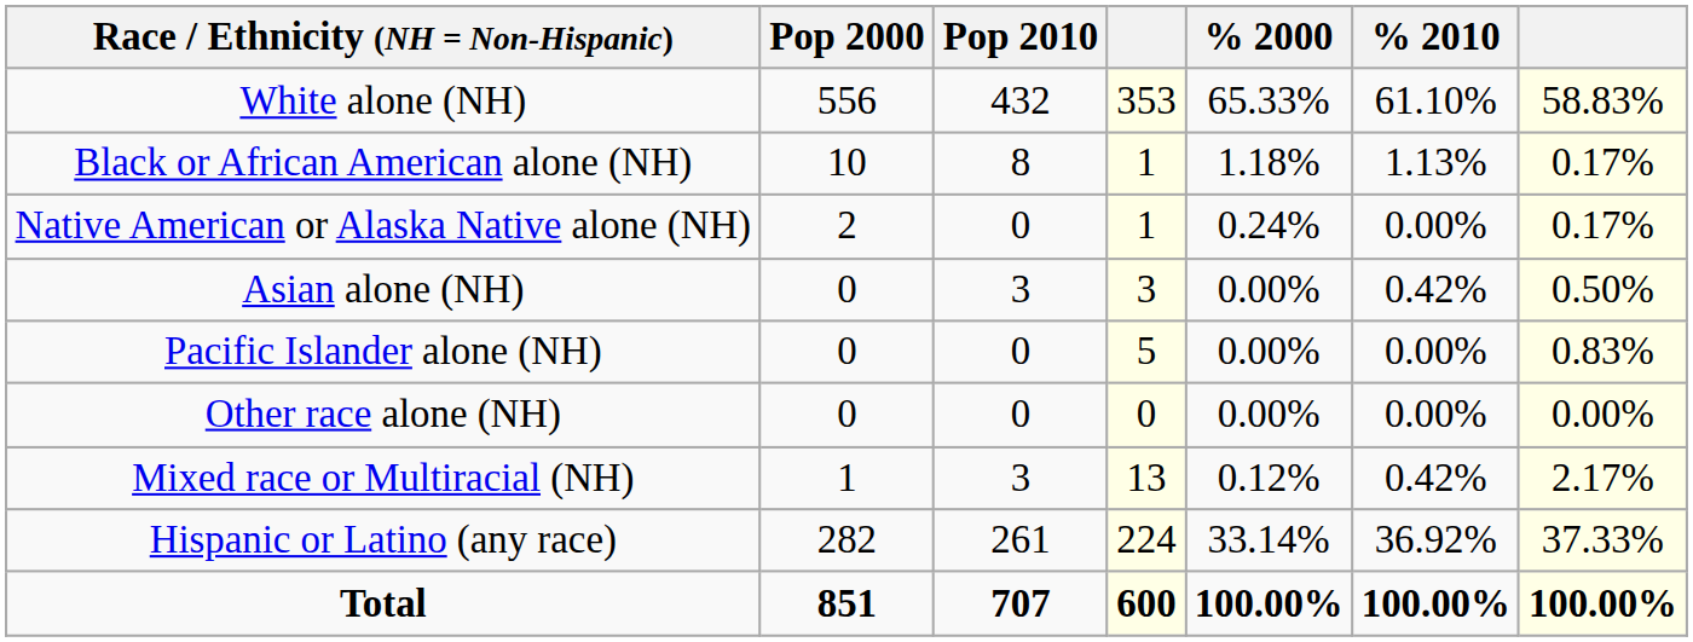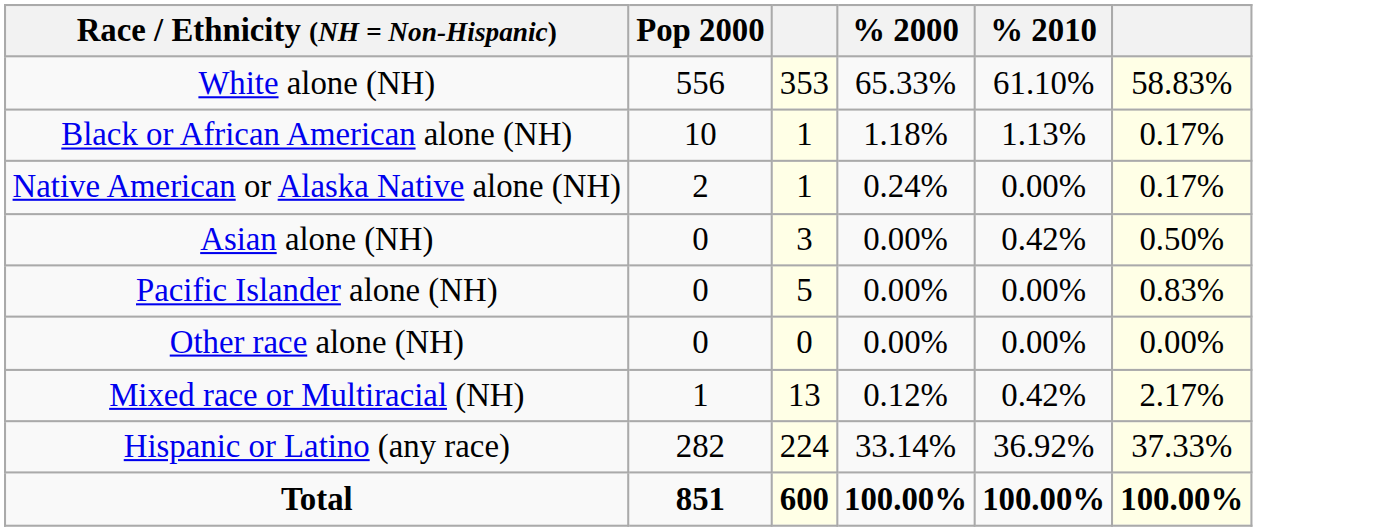 <table class="wikitable" style="text-align:center;">
 <tr>
 <th>Race / Ethnicity <small>(<em>NH = Non-Hispanic</em>)</small></th>
 <th>Pop 2000</th>
-<th>Pop 2010</th>
 <th></th>
 <th>% 2000</th>
 <th>% 2010</th>
 <th></th>
 </tr>
 <tr>
 <td><a href='#'>White</a> alone (NH)</td>
 <td>556</td>
-<td>432</td>
 <td style='background: #ffffe6;'>353</td>
 <td>65.33%</td>
 <td>61.10%</td>
 <td style='background: #ffffe6;'>58.83%</td>
 </tr>
 <tr>
 <td><a href='#'>Black or African American</a> alone (NH)</td>
 <td>10</td>
-<td>8</td>
 <td style='background: #ffffe6;'>1</td>
 <td>1.18%</td>
 <td>1.13%</td>
 <td style='background: #ffffe6;'>0.17%</td>
 </tr>
 <tr>
 <td><a href='#'>Native American</a> or <a href='#'>Alaska Native</a> alone (NH)</td>
 <td>2</td>
-<td>0</td>
 <td style='background: #ffffe6;'>1</td>
 <td>0.24%</td>
 <td>0.00%</td>
 <td style='background: #ffffe6;'>0.17%</td>
 </tr>
 <tr>
 <td><a href='#'>Asian</a> alone (NH)</td>
 <td>0</td>
-<td>3</td>
 <td style='background: #ffffe6;'>3</td>
 <td>0.00%</td>
 <td>0.42%</td>
 <td style='background: #ffffe6;'>0.50%</td>
 </tr>
 <tr>
 <td><a href='#'>Pacific Islander</a> alone (NH)</td>
-<td>0</td>
 <td>0</td>
 <td style='background: #ffffe6;'>5</td>
 <td>0.00%</td>
 <td>0.00%</td>
 <td style='background: #ffffe6;'>0.83%</td>
 </tr>
 <tr>
 <td><a href='#'>Other race</a> alone (NH)</td>
 <td>0</td>
-<td>0</td>
 <td style='background: #ffffe6;'>0</td>
 <td>0.00%</td>
 <td>0.00%</td>
 <td style='background: #ffffe6;'>0.00%</td>
 </tr>
 <tr>
 <td><a href='#'>Mixed race or Multiracial</a> (NH)</td>
 <td>1</td>
-<td>3</td>
 <td style='background: #ffffe6;'>13</td>
 <td>0.12%</td>
 <td>0.42%</td>
 <td style='background: #ffffe6;'>2.17%</td>
 </tr>
 <tr>
 <td><a href='#'>Hispanic or Latino</a> (any race)</td>
 <td>282</td>
-<td>261</td>
 <td style='background: #ffffe6;'>224</td>
 <td>33.14%</td>
 <td>36.92%</td>
 <td style='background: #ffffe6;'>37.33%</td>
 </tr>
 <tr>
 <td><strong>Total</strong></td>
 <td><strong>851</strong></td>
-<td><strong>707</strong></td>
 <td style='background: #ffffe6;'><strong>600</strong></td>
 <td><strong>100.00%</strong></td>
 <td><strong>100.00%</strong></td>
 <td style='background: #ffffe6;'><strong>100.00%</strong></td>
 </tr>
 </table>
